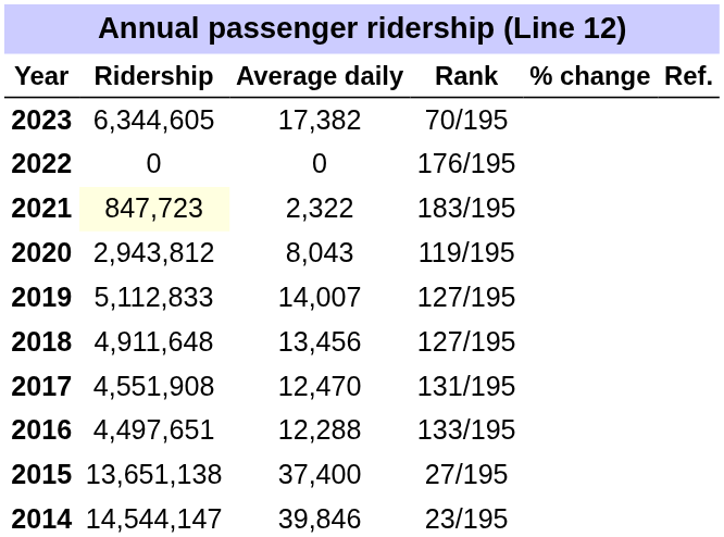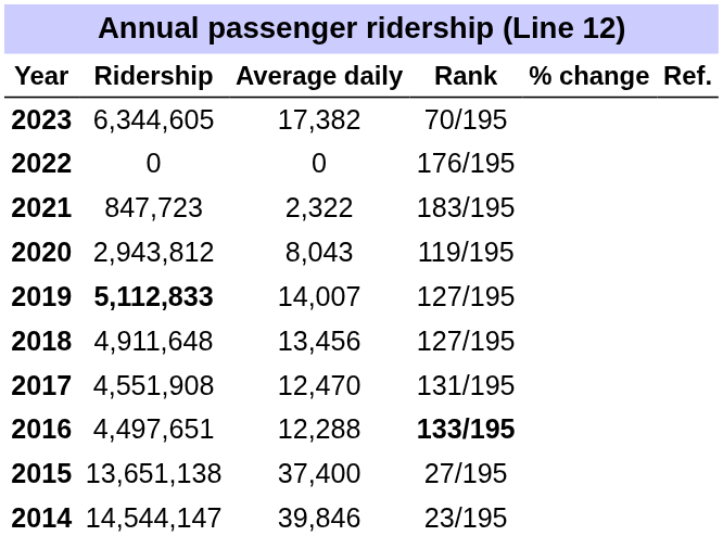 <table class="toccolours" cellpadding="4" cellspacing="0" style="text-align:right;">
 <tr>
 <th colspan="6"  style="background-color:#ccf; background-color:#ccf; font-size:110%; text-align:center;">Annual passenger ridership (Line 12)</th>
 </tr>
 <tr style="font-size:95%; text-align:center">
 <th style="border-bottom:1px solid black">Year</th>
 <th style="border-bottom:1px solid black">Ridership</th>
 <th style="border-bottom:1px solid black">Average daily</th>
 <th style="border-bottom:1px solid black">Rank</th>
 <th style="border-bottom:1px solid black">% change</th>
 <th style="border-bottom:1px solid black">Ref.</th>
 </tr>
 <tr style="text-align:center;">
 <td><strong>2023</strong></td>
 <td>6,344,605</td>
 <td>17,382</td>
 <td>70/195</td>
 <td></td>
 <td></td>
 </tr>
 <tr style="text-align:center;">
 <td><strong>2022</strong></td>
 <td>0</td>
 <td>0</td>
 <td>176/195</td>
 <td></td>
 <td></td>
 </tr>
 <tr style="text-align:center;">
 <td><strong>2021</strong></td>
-<td style="background: lightyellow;">847,723</td>
+<td>847,723</td>
 <td>2,322</td>
 <td>183/195</td>
 <td></td>
 <td></td>
 </tr>
 <tr style="text-align:center;">
 <td><strong>2020</strong></td>
 <td>2,943,812</td>
 <td>8,043</td>
 <td>119/195</td>
 <td></td>
 <td></td>
 </tr>
 <tr style="text-align:center;">
 <td><strong>2019</strong></td>
-<td>5,112,833</td>
+<td><strong>5,112,833</strong></td>
 <td>14,007</td>
 <td>127/195</td>
 <td></td>
 <td></td>
 </tr>
 <tr style="text-align:center;">
 <td><strong>2018</strong></td>
 <td>4,911,648</td>
 <td>13,456</td>
 <td>127/195</td>
 <td></td>
 <td></td>
 </tr>
 <tr style="text-align:center;">
 <td><strong>2017</strong></td>
 <td>4,551,908</td>
 <td>12,470</td>
 <td>131/195</td>
 <td></td>
 <td></td>
 </tr>
 <tr style="text-align:center;">
 <td><strong>2016</strong></td>
 <td>4,497,651</td>
 <td>12,288</td>
-<td>133/195</td>
+<td><strong>133/195</strong></td>
 <td></td>
 <td></td>
 </tr>
 <tr style="text-align:center;">
 <td><strong>2015</strong></td>
 <td>13,651,138</td>
 <td>37,400</td>
 <td>27/195</td>
 <td></td>
 <td></td>
 </tr>
 <tr style="text-align:center;">
 <td><strong>2014</strong></td>
 <td>14,544,147</td>
 <td>39,846</td>
 <td>23/195</td>
 <td></td>
 <td></td>
 </tr>
 </table>
